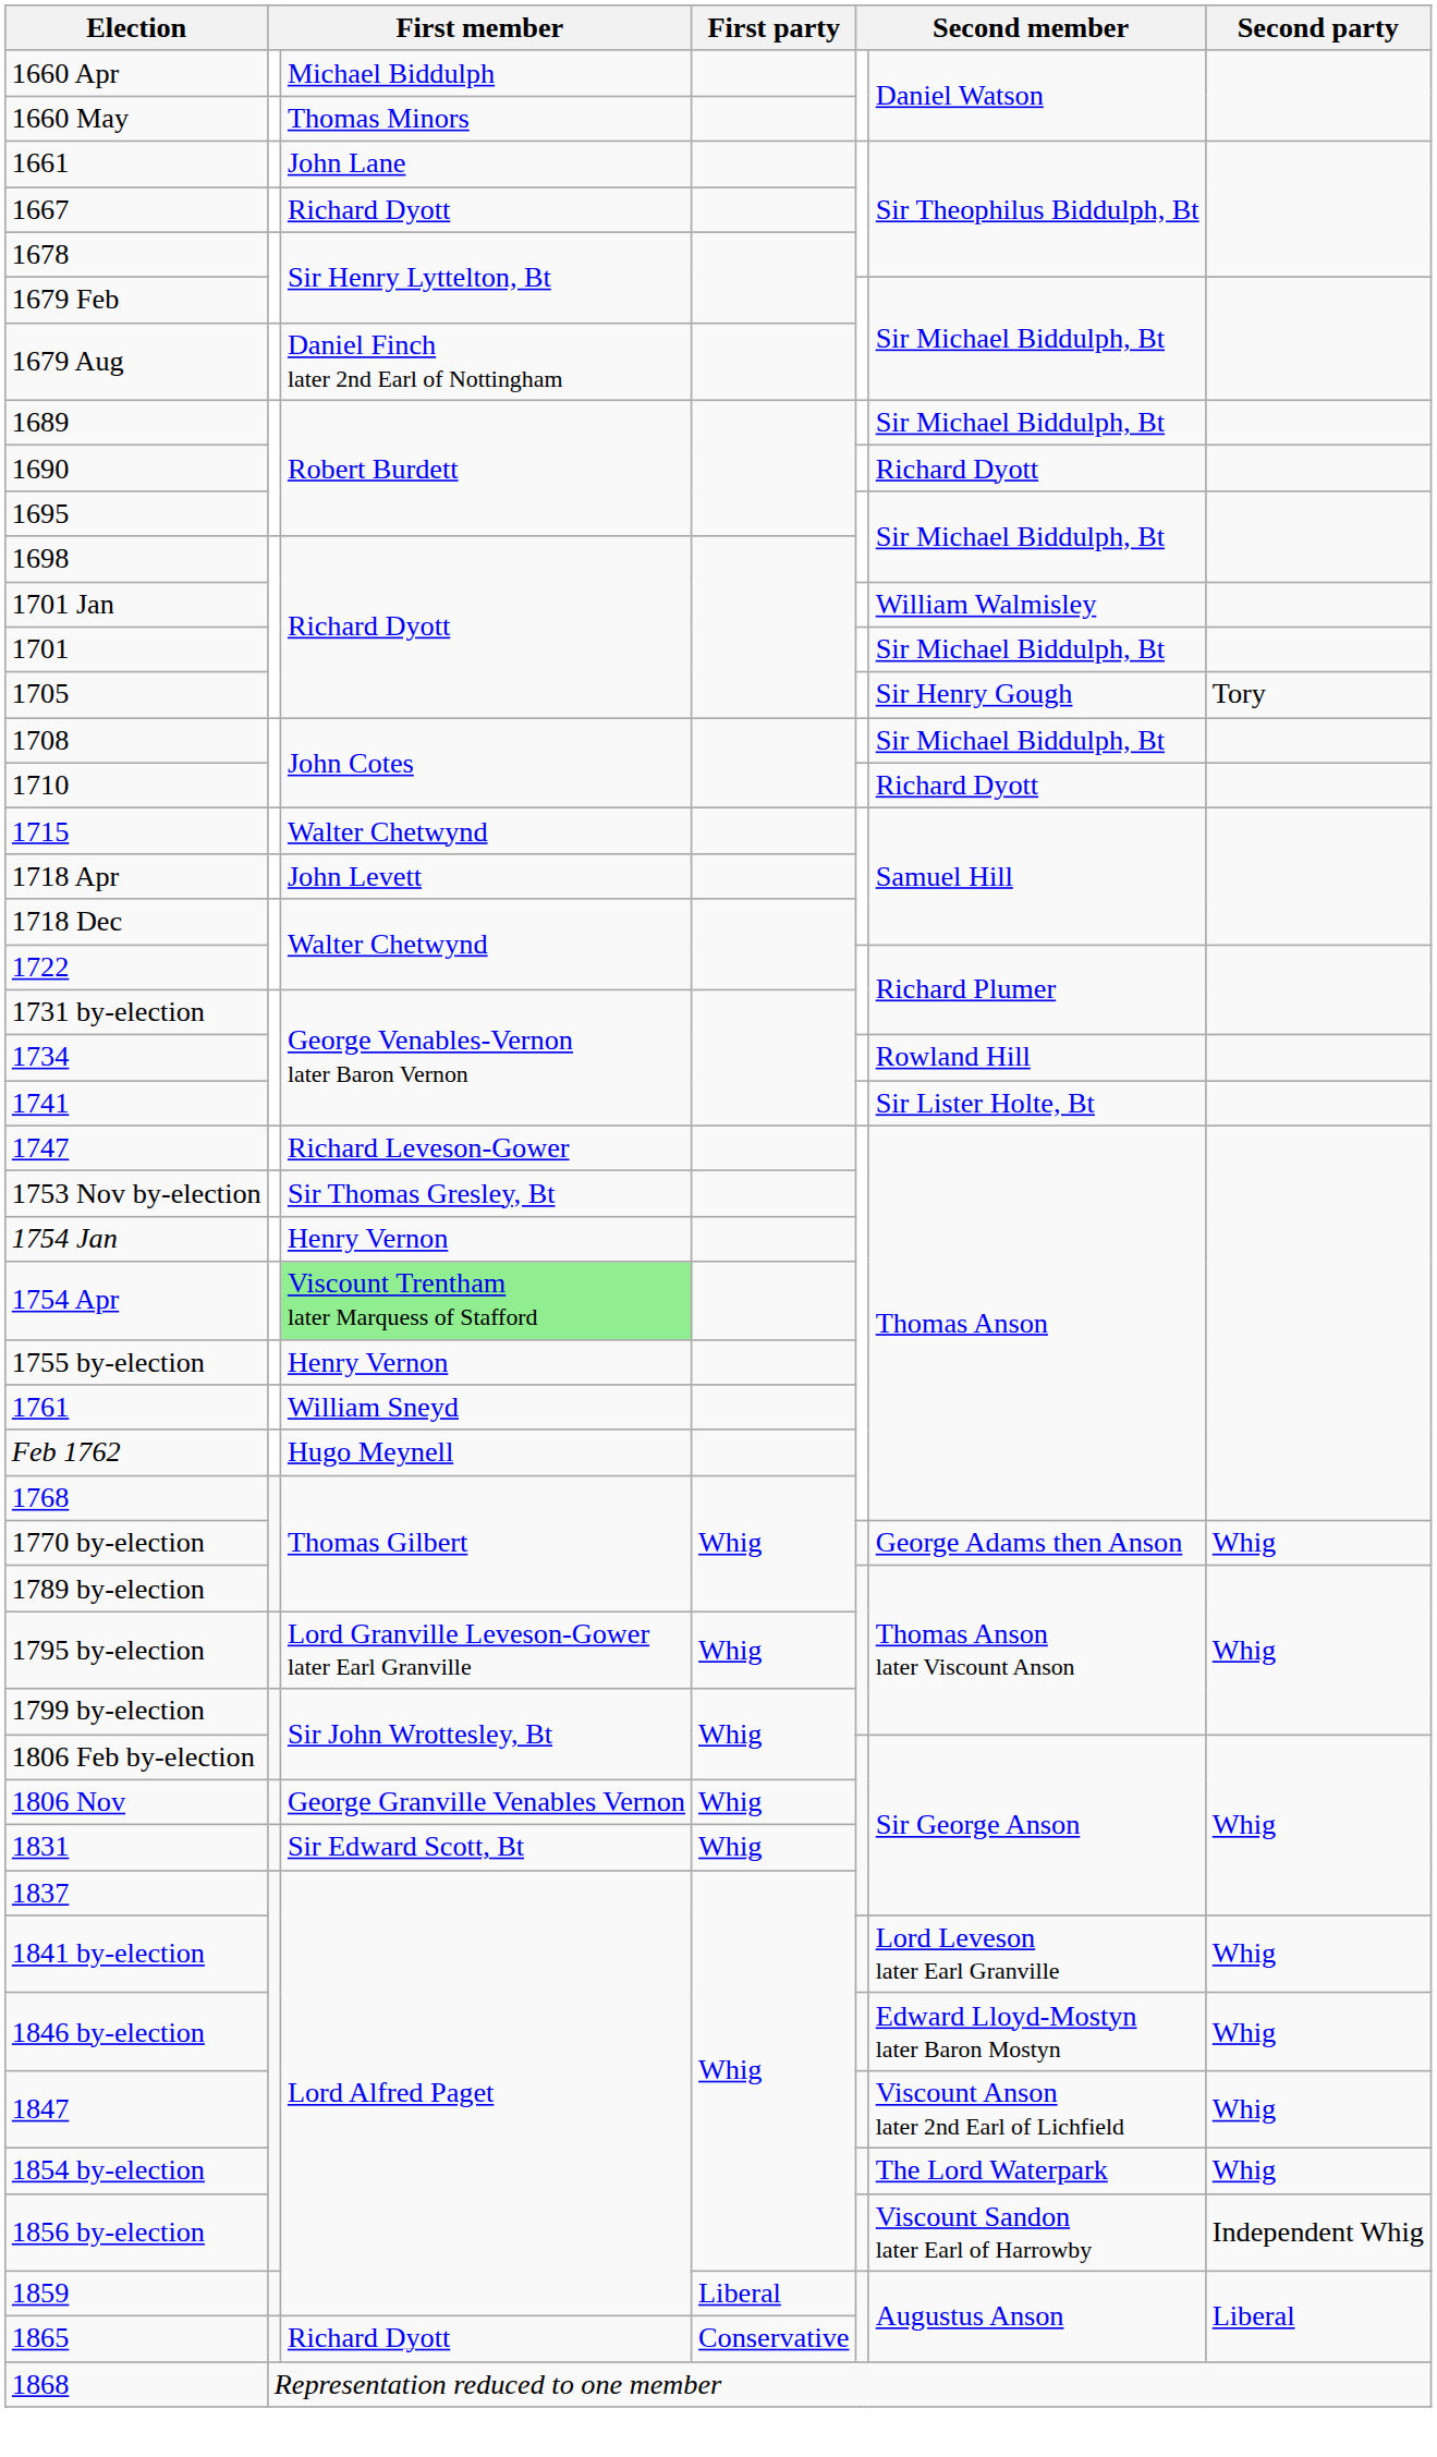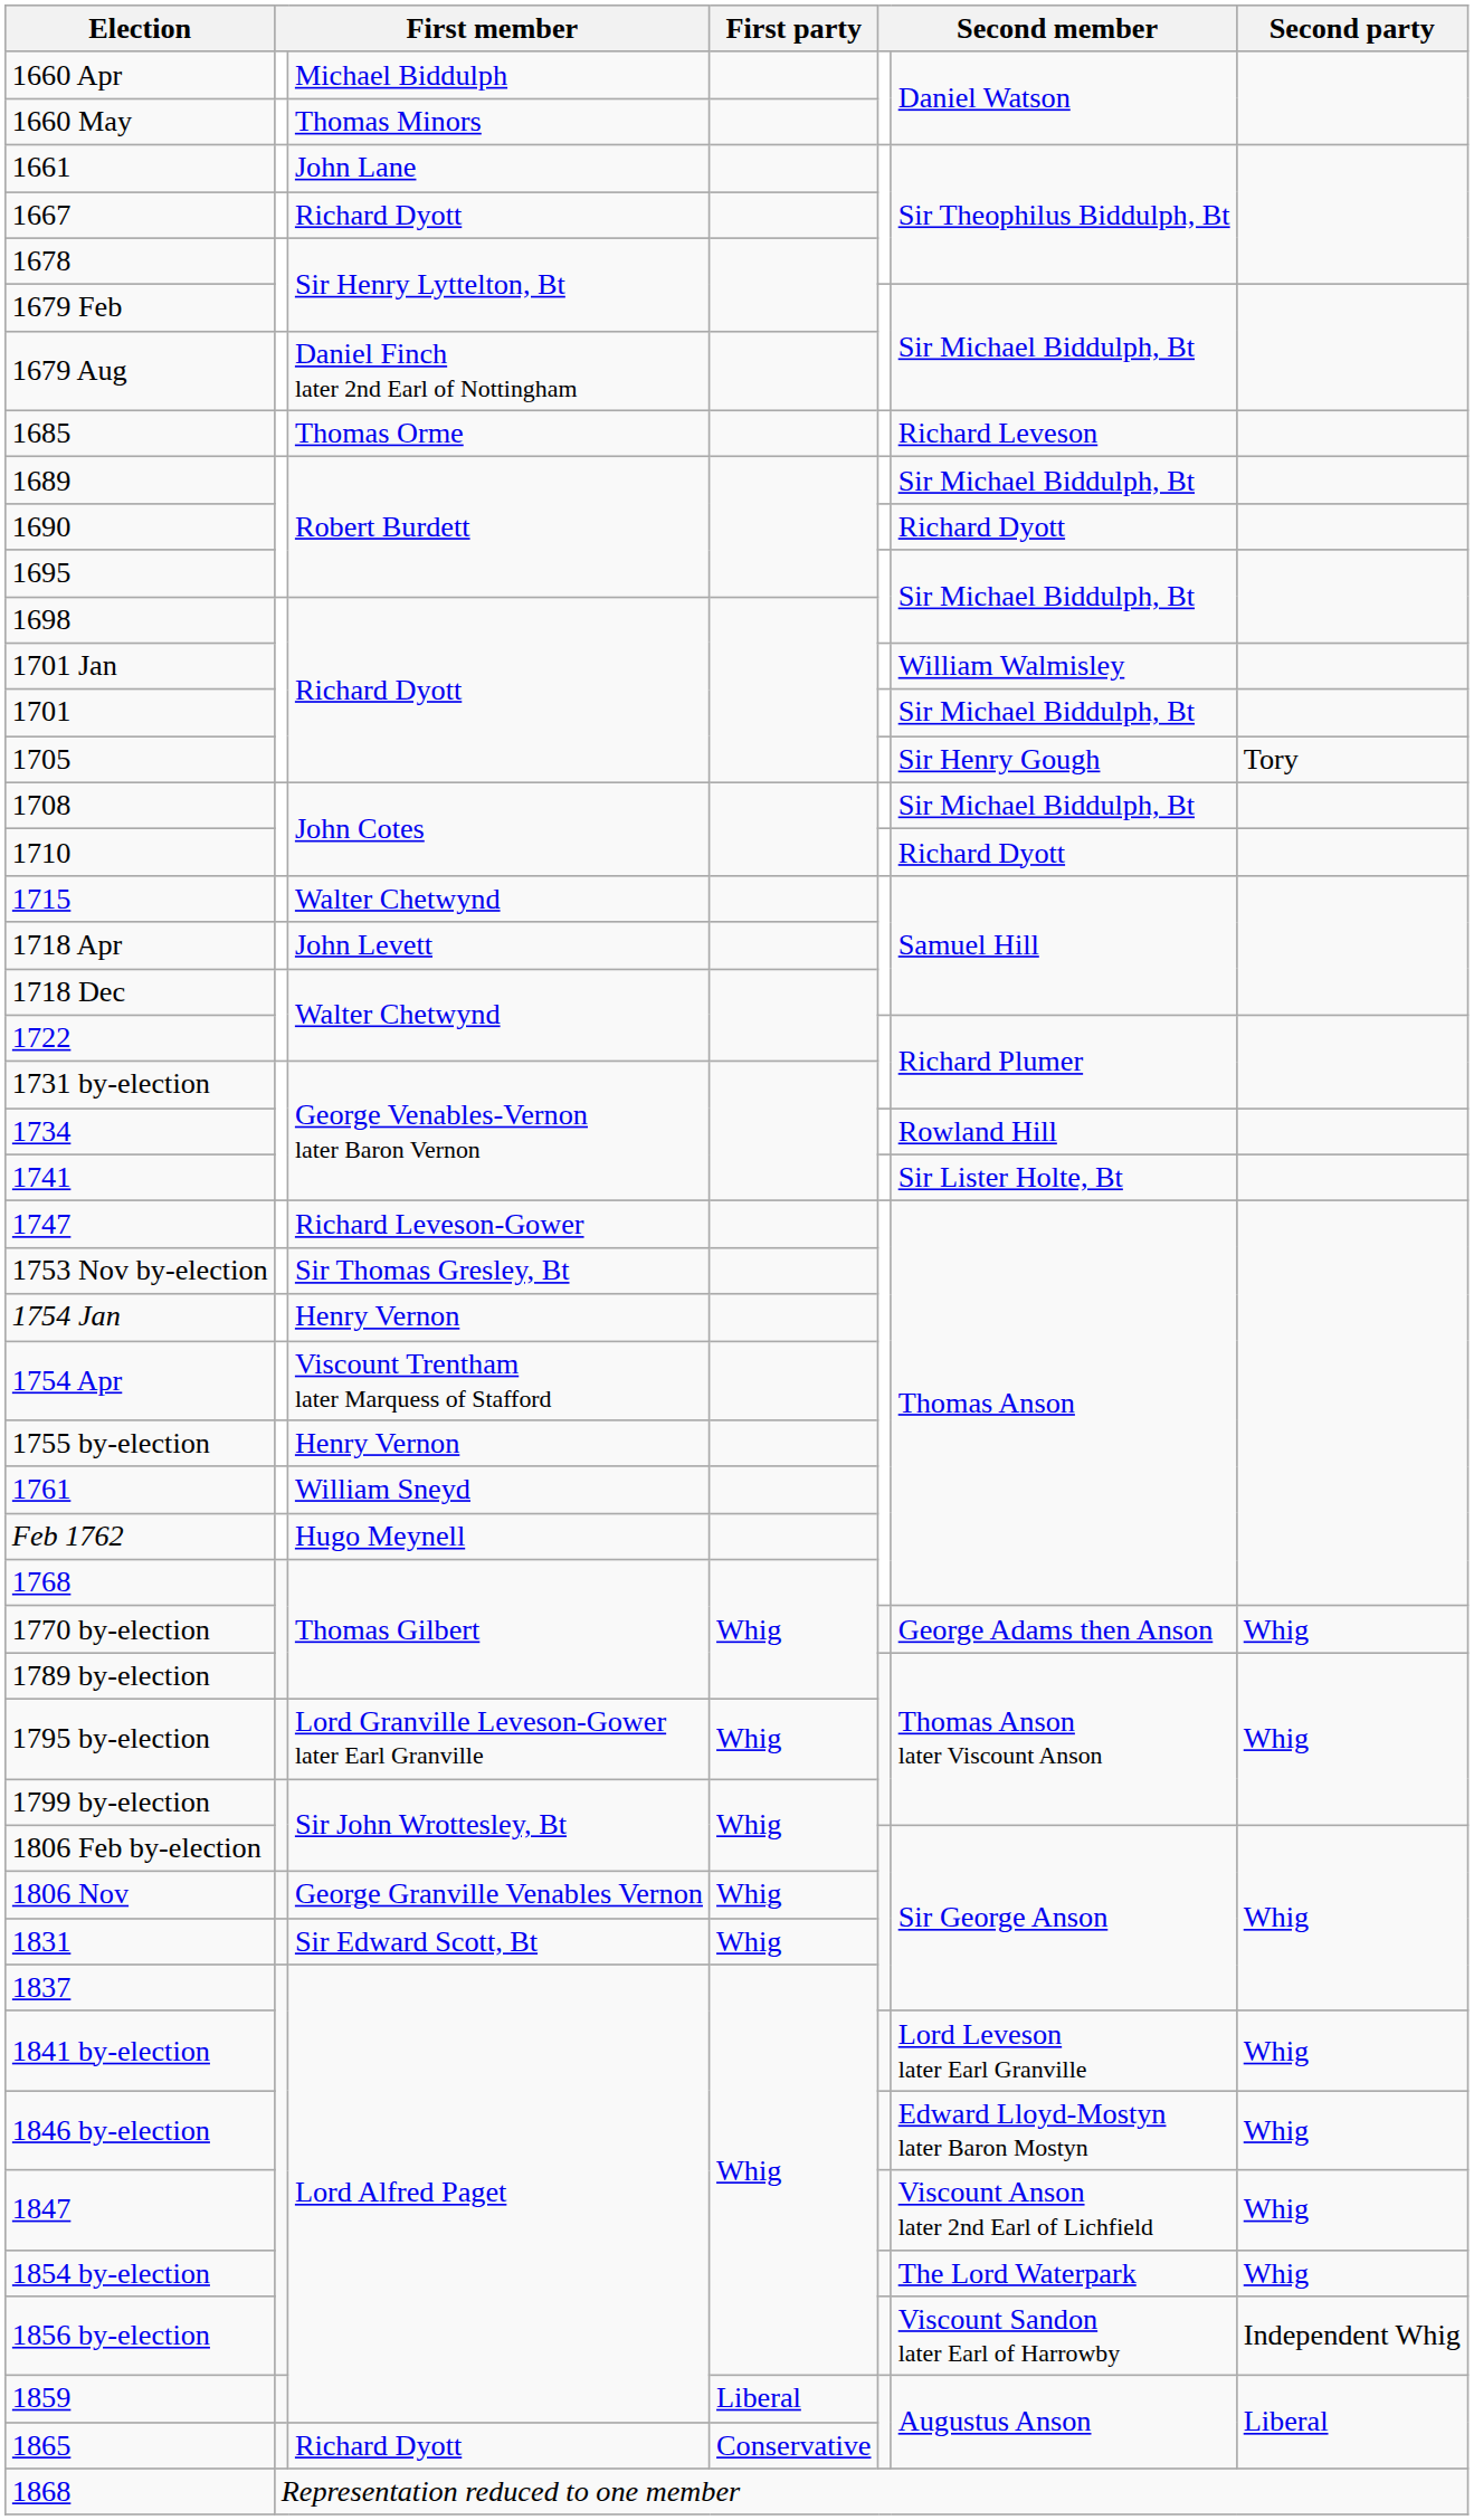 <table class="wikitable">
 <tr>
 <th>Election</th>
 <th colspan="2">First member</th>
 <th>First party</th>
 <th colspan="2">Second member</th>
 <th>Second party</th>
 </tr>
 <tr>
 <td>1660 Apr</td>
 <td style="color:inherit;background-color: white"></td>
 <td><a href='#'>Michael Biddulph</a></td>
 <td></td>
 <td rowspan="2" style="color:inherit;background-color: white"></td>
 <td rowspan="2"><a href='#'>Daniel Watson</a></td>
 <td rowspan="2"></td>
 </tr>
 <tr>
 <td>1660 May</td>
 <td style="color:inherit;background-color: white"></td>
 <td><a href='#'>Thomas Minors</a></td>
 <td></td>
 </tr>
 <tr>
 <td>1661</td>
 <td style="color:inherit;background-color: white"></td>
 <td><a href='#'>John Lane</a></td>
 <td></td>
 <td rowspan="3" style="color:inherit;background-color: white"></td>
 <td rowspan="3"><a href='#'>Sir Theophilus Biddulph, Bt</a></td>
 <td rowspan="3"></td>
 </tr>
 <tr>
 <td>1667</td>
 <td style="color:inherit;background-color: white"></td>
 <td><a href='#'>Richard Dyott</a></td>
 <td></td>
 </tr>
 <tr>
 <td>1678</td>
 <td rowspan="2" style="color:inherit;background-color: white"></td>
 <td rowspan="2"><a href='#'>Sir Henry Lyttelton, Bt</a></td>
 <td rowspan="2"></td>
 </tr>
 <tr>
 <td>1679 Feb</td>
 <td rowspan="2" style="color:inherit;background-color: white"></td>
 <td rowspan="2"><a href='#'>Sir Michael Biddulph, Bt</a></td>
 <td rowspan="2"></td>
 </tr>
 <tr>
 <td>1679 Aug</td>
 <td style="color:inherit;background-color: white"></td>
 <td><a href='#'>Daniel Finch</a><br><small>later 2nd Earl of Nottingham</small></td>
+<td></td>
+</tr>
+<tr>
+<td>1685</td>
+<td style="color:inherit;background-color: white"></td>
+<td><a href='#'>Thomas Orme</a></td>
+<td></td>
+<td style="color:inherit;background-color: white"></td>
+<td><a href='#'>Richard Leveson</a></td>
 <td></td>
 </tr>
 <tr>
 <td>1689</td>
 <td rowspan="3" style="color:inherit;background-color: white"></td>
 <td rowspan="3"><a href='#'>Robert Burdett</a></td>
 <td rowspan="3"></td>
 <td style="color:inherit;background-color: white"></td>
 <td><a href='#'>Sir Michael Biddulph, Bt</a></td>
 <td></td>
 </tr>
 <tr>
 <td>1690</td>
 <td style="color:inherit;background-color: white"></td>
 <td><a href='#'>Richard Dyott</a></td>
 <td></td>
 </tr>
 <tr>
 <td>1695</td>
 <td rowspan="2" style="color:inherit;background-color: white"></td>
 <td rowspan="2"><a href='#'>Sir Michael Biddulph, Bt</a></td>
 <td rowspan="2"></td>
 </tr>
 <tr>
 <td>1698</td>
 <td rowspan="4" style="color:inherit;background-color: white"></td>
 <td rowspan="4"><a href='#'>Richard Dyott</a></td>
 <td rowspan="4"></td>
 </tr>
 <tr>
 <td>1701 Jan</td>
 <td style="color:inherit;background-color: white"></td>
 <td><a href='#'>William Walmisley</a></td>
 <td></td>
 </tr>
 <tr>
 <td>1701</td>
 <td style="color:inherit;background-color: white"></td>
 <td><a href='#'>Sir Michael Biddulph, Bt</a></td>
 <td></td>
 </tr>
 <tr>
 <td>1705</td>
 <td style="color:inherit;background-color: white"></td>
 <td><a href='#'>Sir Henry Gough</a></td>
 <td>Tory</td>
 </tr>
 <tr>
 <td>1708</td>
 <td rowspan="2" style="color:inherit;background-color: white"></td>
 <td rowspan="2"><a href='#'>John Cotes</a></td>
 <td rowspan="2"></td>
 <td style="color:inherit;background-color: white"></td>
 <td><a href='#'>Sir Michael Biddulph, Bt</a></td>
 <td></td>
 </tr>
 <tr>
 <td>1710</td>
 <td style="color:inherit;background-color: white"></td>
 <td><a href='#'>Richard Dyott</a></td>
 <td></td>
 </tr>
 <tr>
 <td><a href='#'>1715</a></td>
 <td style="color:inherit;background-color: white"></td>
 <td><a href='#'>Walter Chetwynd</a></td>
 <td></td>
 <td rowspan="3" style="color:inherit;background-color: white"></td>
 <td rowspan="3"><a href='#'>Samuel Hill</a></td>
 <td rowspan="3"></td>
 </tr>
 <tr>
 <td>1718 Apr</td>
 <td style="color:inherit;background-color: white"></td>
 <td><a href='#'>John Levett</a></td>
 <td></td>
 </tr>
 <tr>
 <td>1718 Dec</td>
 <td rowspan="2" style="color:inherit;background-color: white"></td>
 <td rowspan="2"><a href='#'>Walter Chetwynd</a></td>
 <td rowspan="2"></td>
 </tr>
 <tr>
 <td><a href='#'>1722</a></td>
 <td rowspan="2" style="color:inherit;background-color: white"></td>
 <td rowspan="2"><a href='#'>Richard Plumer</a></td>
 <td rowspan="2"></td>
 </tr>
 <tr>
 <td>1731 by-election </td>
 <td rowspan="3" style="color:inherit;background-color: white"></td>
 <td rowspan="3"><a href='#'>George Venables-Vernon</a><br><small>later Baron  Vernon</small></td>
 <td rowspan="3"></td>
 </tr>
 <tr>
 <td><a href='#'>1734</a></td>
 <td style="color:inherit;background-color: white"></td>
 <td><a href='#'>Rowland Hill</a></td>
 <td></td>
 </tr>
 <tr>
 <td><a href='#'>1741</a></td>
 <td style="color:inherit;background-color: white"></td>
 <td><a href='#'>Sir Lister Holte, Bt</a></td>
 <td></td>
 </tr>
 <tr>
 <td><a href='#'>1747</a></td>
 <td style="color:inherit;background-color: white"></td>
 <td><a href='#'>Richard Leveson-Gower</a></td>
 <td></td>
 <td rowspan="8" style="color:inherit;background-color: white"></td>
 <td rowspan="8"><a href='#'>Thomas Anson</a></td>
 <td rowspan="8"></td>
 </tr>
 <tr>
 <td>1753 Nov by-election </td>
 <td style="color:inherit;background-color: white"></td>
 <td><a href='#'>Sir Thomas Gresley, Bt</a></td>
 <td></td>
 </tr>
 <tr>
 <td><em>1754 Jan</em> </td>
 <td style="color:inherit;background-color: white"></td>
 <td><a href='#'>Henry Vernon</a></td>
 <td></td>
 </tr>
 <tr>
 <td><a href='#'>1754 Apr</a></td>
 <td style="color:inherit;background-color: white"></td>
-<td style="background: lightgreen;"><a href='#'>Viscount Trentham</a><br><small>later Marquess of Stafford</small></td>
+<td><a href='#'>Viscount Trentham</a><br><small>later Marquess of Stafford</small></td>
 <td></td>
 </tr>
 <tr>
 <td>1755 by-election </td>
 <td style="color:inherit;background-color: white"></td>
 <td><a href='#'>Henry Vernon</a></td>
 <td></td>
 </tr>
 <tr>
 <td><a href='#'>1761</a></td>
 <td style="color:inherit;background-color: white"></td>
 <td><a href='#'>William Sneyd</a></td>
 <td></td>
 </tr>
 <tr>
 <td><em>Feb 1762</em> </td>
 <td style="color:inherit;background-color: white"></td>
 <td><a href='#'>Hugo Meynell</a></td>
 <td></td>
 </tr>
 <tr>
 <td><a href='#'>1768</a></td>
 <td rowspan="3" style="color:inherit;background-color: "></td>
 <td rowspan="3"><a href='#'>Thomas Gilbert</a></td>
 <td rowspan="3"><a href='#'>Whig</a></td>
 </tr>
 <tr>
 <td>1770 by-election </td>
 <td style="color:inherit;background-color: "></td>
 <td><a href='#'>George Adams then Anson</a></td>
 <td><a href='#'>Whig</a></td>
 </tr>
 <tr>
 <td>1789 by-election </td>
 <td rowspan="3" style="color:inherit;background-color: "></td>
 <td rowspan="3"><a href='#'>Thomas Anson</a><br><small>later Viscount Anson</small></td>
 <td rowspan="3"><a href='#'>Whig</a></td>
 </tr>
 <tr>
 <td>1795 by-election </td>
 <td style="color:inherit;background-color: "></td>
 <td><a href='#'>Lord Granville Leveson-Gower</a><br><small>later Earl Granville</small></td>
 <td><a href='#'>Whig</a></td>
 </tr>
 <tr>
 <td>1799 by-election</td>
 <td rowspan="2" style="color:inherit;background-color: "></td>
 <td rowspan="2"><a href='#'>Sir John Wrottesley, Bt</a></td>
 <td rowspan="2"><a href='#'>Whig</a></td>
 </tr>
 <tr>
 <td>1806 Feb by-election </td>
 <td rowspan="4" style="color:inherit;background-color: "></td>
 <td rowspan="4"><a href='#'>Sir George Anson</a></td>
 <td rowspan="4"><a href='#'>Whig</a></td>
 </tr>
 <tr>
 <td><a href='#'>1806 Nov</a></td>
 <td style="color:inherit;background-color: "></td>
 <td><a href='#'>George Granville Venables Vernon</a></td>
 <td><a href='#'>Whig</a></td>
 </tr>
 <tr>
 <td><a href='#'>1831</a></td>
 <td style="color:inherit;background-color: "></td>
 <td><a href='#'>Sir Edward Scott, Bt</a></td>
 <td><a href='#'>Whig</a></td>
 </tr>
 <tr>
 <td><a href='#'>1837</a></td>
 <td rowspan="6" style="color:inherit;background-color: "></td>
 <td rowspan="7"><a href='#'>Lord Alfred Paget</a></td>
 <td rowspan="6"><a href='#'>Whig</a></td>
 </tr>
 <tr>
 <td><a href='#'>1841 by-election</a></td>
 <td style="color:inherit;background-color: "></td>
 <td><a href='#'>Lord Leveson</a><br><small>later Earl Granville</small></td>
 <td><a href='#'>Whig</a></td>
 </tr>
 <tr>
 <td><a href='#'>1846 by-election</a></td>
 <td style="color:inherit;background-color: "></td>
 <td><a href='#'>Edward Lloyd-Mostyn</a><br><small>later Baron Mostyn</small></td>
 <td><a href='#'>Whig</a></td>
 </tr>
 <tr>
 <td><a href='#'>1847</a></td>
 <td style="color:inherit;background-color: "></td>
 <td><a href='#'>Viscount Anson</a><br><small>later 2nd Earl of Lichfield</small></td>
 <td><a href='#'>Whig</a></td>
 </tr>
 <tr>
 <td><a href='#'>1854 by-election</a></td>
 <td style="color:inherit;background-color: "></td>
 <td><a href='#'>The Lord Waterpark</a></td>
 <td><a href='#'>Whig</a></td>
 </tr>
 <tr>
 <td><a href='#'>1856 by-election</a></td>
 <td style="color:inherit;background-color: "></td>
 <td><a href='#'>Viscount Sandon</a><br><small>later Earl of Harrowby</small></td>
 <td>Independent Whig</td>
 </tr>
 <tr>
 <td><a href='#'>1859</a></td>
 <td style="color:inherit;background-color: "></td>
 <td><a href='#'>Liberal</a></td>
 <td rowspan="2" style="color:inherit;background-color: "></td>
 <td rowspan="2"><a href='#'>Augustus Anson</a></td>
 <td rowspan="2"><a href='#'>Liberal</a></td>
 </tr>
 <tr>
 <td><a href='#'>1865</a></td>
 <td style="color:inherit;background-color: "></td>
 <td><a href='#'>Richard Dyott</a></td>
 <td><a href='#'>Conservative</a></td>
 </tr>
 <tr>
 <td><a href='#'>1868</a></td>
 <td colspan="6"><em>Representation reduced to one member</em></td>
 </tr>
 </table>
